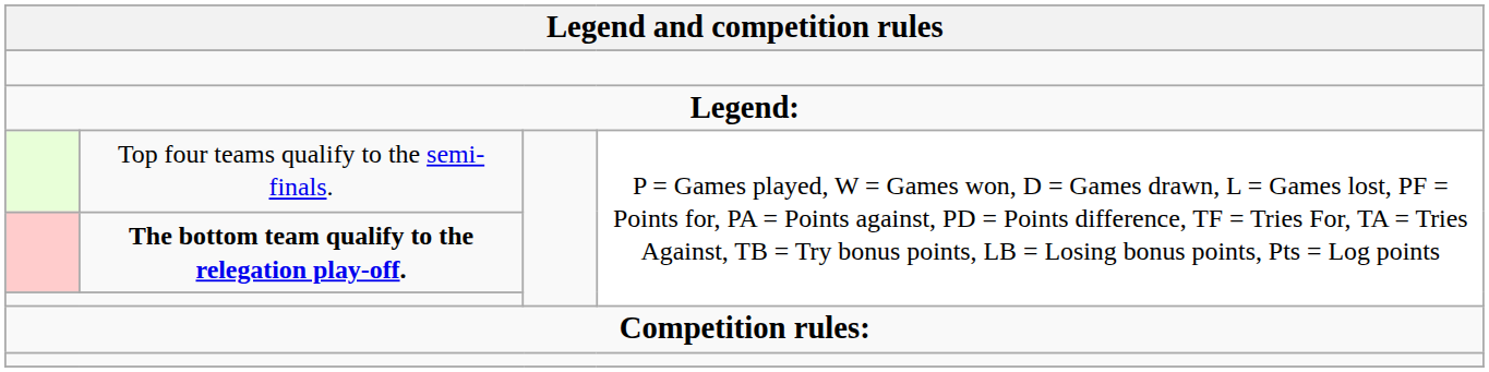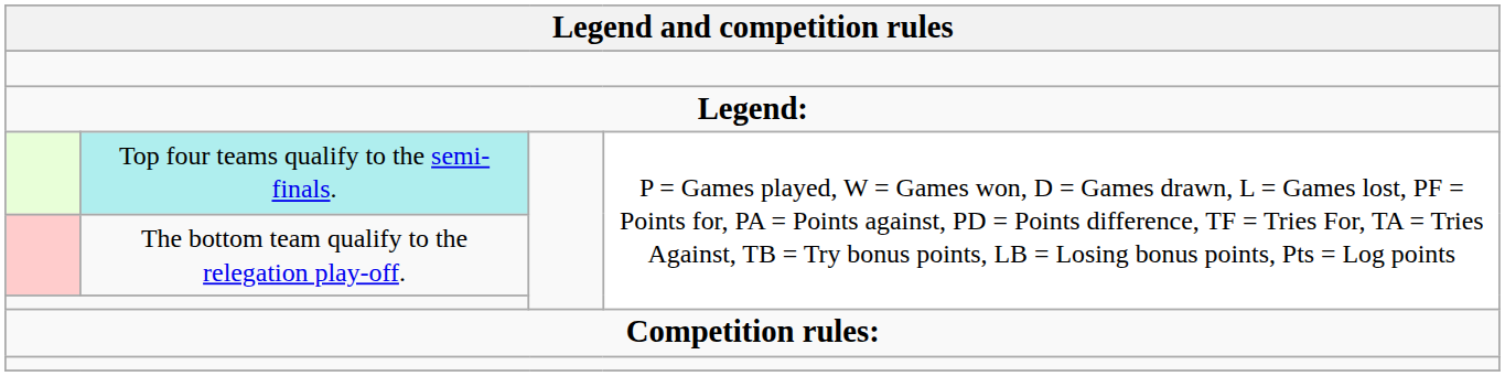 <table class="wikitable collapsible collapsed" style="text-align:center; line-height:100%; font-size:100%; width:60%;">
 <tr>
 <th colspan="4" style="border:0px">Legend and competition rules</th>
 </tr>
 <tr>
 <td colspan="4" style="height:10px"></td>
 </tr>
 <tr>
 <td colspan="4" style="border:0px"><strong>Legend:</strong></td>
 </tr>
 <tr>
 <td style="height:10px; width:5%; background:#E8FFD8;"></td>
-<td style="width:30%;"><small>Top four teams qualify to the <a href='#'>semi-finals</a>.</small></td>
+<td style="background: paleturquoise; width:30%;"><small>Top four teams qualify to the <a href='#'>semi-finals</a>.</small></td>
 <td rowspan="3" style="width:5%;"></td>
 <td rowspan="3" style="width:60%; background:#FFFFFF;"><small>P = Games played, W = Games won, D = Games drawn, L = Games lost, PF = Points for, PA = Points against, PD = Points difference, TF = Tries For, TA = Tries Against, TB = Try bonus points, LB = Losing bonus points, Pts = Log points</small></td>
 </tr>
 <tr>
 <td style="height:10px; width:5%; background:#FFCCCC;"></td>
-<td><strong><small>The bottom team qualify to the <a href='#'>relegation play-off</a>.</small></strong></td>
+<td><small>The bottom team qualify to the <a href='#'>relegation play-off</a>.</small></td>
 </tr>
 <tr>
 <td colspan="2"></td>
 </tr>
 <tr>
 <td colspan="4" style="border:0px"><strong>Competition rules:</strong></td>
 </tr>
 <tr>
 <td colspan="4"></td>
 </tr>
 </table>
